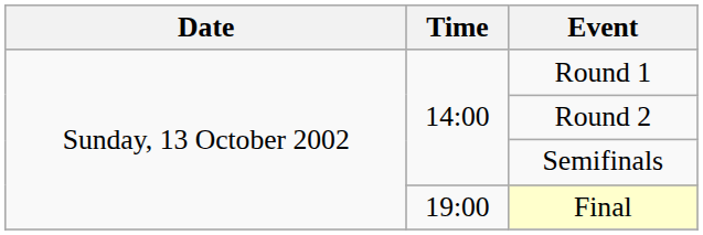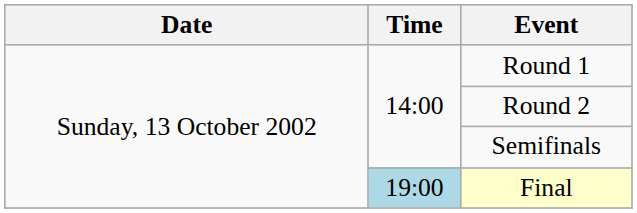 <table class = "wikitable" style="text-align:center;">
 <tr>
 <th width=220>Date</th>
 <th width=50>Time</th>
 <th width=100>Event</th>
 </tr>
 <tr>
 <td rowspan=4>Sunday, 13 October 2002</td>
 <td rowspan=3>14:00</td>
 <td>Round 1</td>
 </tr>
 <tr>
 <td>Round 2</td>
 </tr>
 <tr>
 <td>Semifinals</td>
 </tr>
 <tr>
-<td>19:00</td>
+<td style="background: lightblue;">19:00</td>
 <td bgcolor=ffffcc>Final</td>
 </tr>
 </table>
